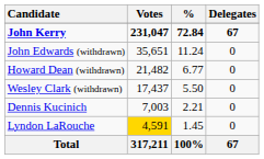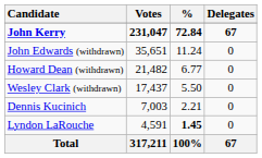 <table class="wikitable sortable plainrowheaders" style="text-align:right;">
 <tr>
 <th style="text-align:left;">Candidate</th>
 <th>Votes</th>
 <th>%</th>
 <th>Delegates</th>
 </tr>
 <tr>
 </tr>
 <tr>
 <td style="text-align:left;"><strong><a href='#'>John Kerry</a></strong></td>
 <td><strong>231,047</strong></td>
 <td><strong>72.84</strong></td>
 <td style="text-align:center;"><strong>67</strong></td>
 </tr>
 <tr>
 <td style="text-align:left;"><a href='#'>John Edwards</a> <small>(withdrawn)</small></td>
 <td>35,651</td>
 <td>11.24</td>
 <td style="text-align:center;">0</td>
 </tr>
 <tr>
 <td style="text-align:left;"><a href='#'>Howard Dean</a> <small>(withdrawn)</small></td>
 <td>21,482</td>
 <td>6.77</td>
 <td style="text-align:center;">0</td>
 </tr>
 <tr>
 <td style="text-align:left;"><a href='#'>Wesley Clark</a> <small>(withdrawn)</small></td>
 <td>17,437</td>
 <td>5.50</td>
 <td style="text-align:center;">0</td>
 </tr>
 <tr>
 <td style="text-align:left;"><a href='#'>Dennis Kucinich</a></td>
 <td>7,003</td>
 <td>2.21</td>
 <td style="text-align:center;">0</td>
 </tr>
 <tr>
 <td style="text-align:left;"><a href='#'>Lyndon LaRouche</a></td>
-<td style="background: gold;">4,591</td>
-<td>1.45</td>
+<td>4,591</td>
+<td><strong>1.45</strong></td>
 <td style="text-align:center;">0</td>
 </tr>
 <tr class="sortbottom">
 <th>Total</th>
 <th>317,211</th>
 <th>100%</th>
 <th>67</th>
 </tr>
 </table>
